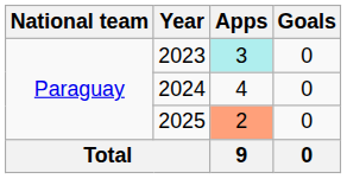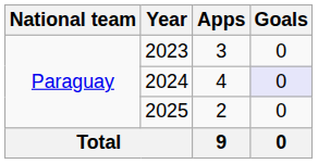 <table class="wikitable" style="text-align:center">
 <tr>
 <th>National team</th>
 <th>Year</th>
 <th>Apps</th>
 <th>Goals</th>
 </tr>
 <tr>
 <td rowspan="3"><a href='#'>Paraguay</a></td>
 <td>2023</td>
-<td style="background: paleturquoise;">3</td>
+<td>3</td>
 <td>0</td>
 </tr>
 <tr>
 <td>2024</td>
 <td>4</td>
-<td>0</td>
+<td style="background: lavender;">0</td>
 </tr>
 <tr>
 <td>2025</td>
-<td style="background: lightsalmon;">2</td>
+<td>2</td>
 <td>0</td>
 </tr>
 <tr>
 <th colspan="2">Total</th>
 <th>9</th>
 <th>0</th>
 </tr>
 </table>
